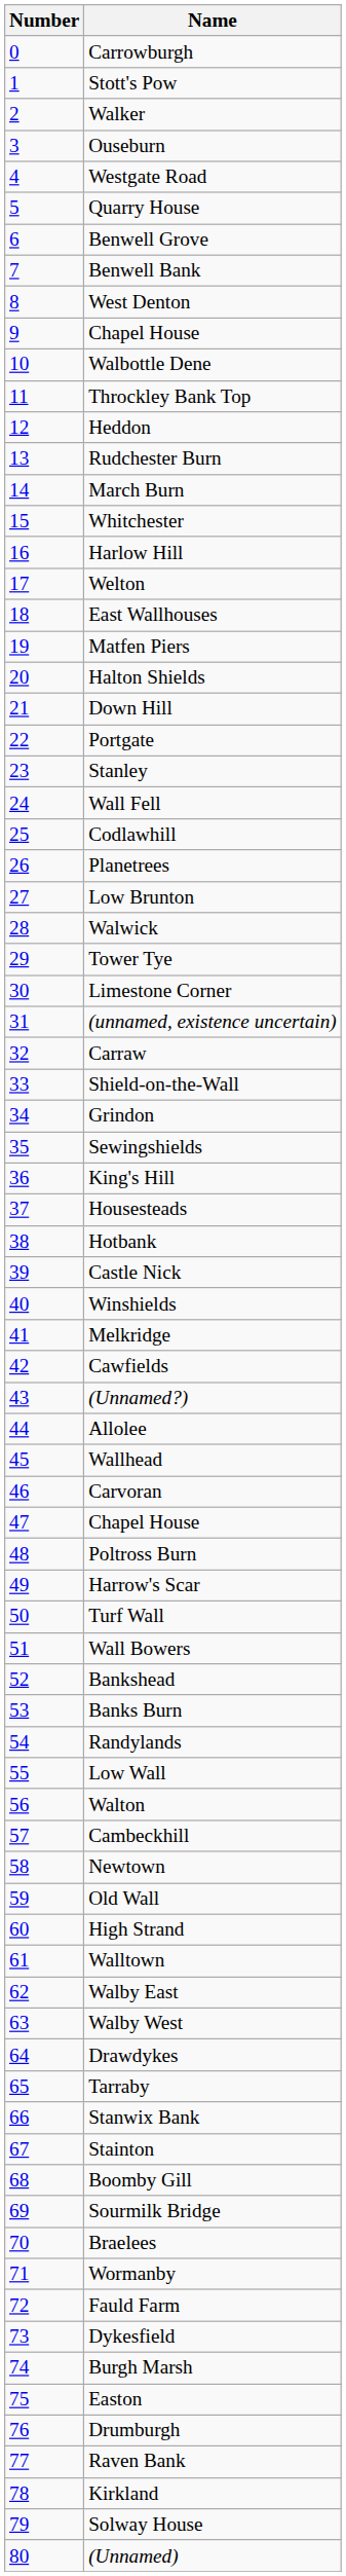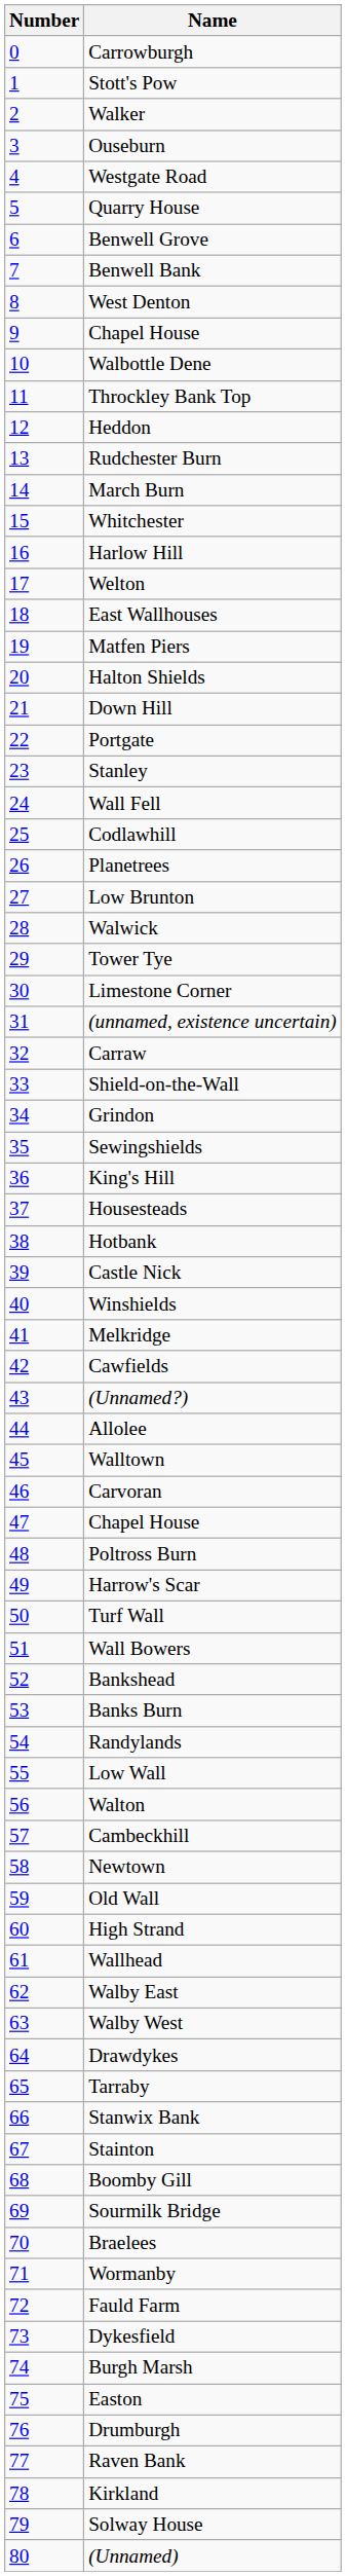 <table class="wikitable sortable">
 <tr>
 <th>Number</th>
 <th>Name</th>
 </tr>
 <tr>
 <td><a href='#'>0</a></td>
 <td>Carrowburgh</td>
 </tr>
 <tr>
 <td><a href='#'>1</a></td>
 <td>Stott's Pow</td>
 </tr>
 <tr>
 <td><a href='#'>2</a></td>
 <td>Walker</td>
 </tr>
 <tr>
 <td><a href='#'>3</a></td>
 <td>Ouseburn</td>
 </tr>
 <tr>
 <td><a href='#'>4</a></td>
 <td>Westgate Road</td>
 </tr>
 <tr>
 <td><a href='#'>5</a></td>
 <td>Quarry House</td>
 </tr>
 <tr>
 <td><a href='#'>6</a></td>
 <td>Benwell Grove</td>
 </tr>
 <tr>
 <td><a href='#'>7</a></td>
 <td>Benwell Bank</td>
 </tr>
 <tr>
 <td><a href='#'>8</a></td>
 <td>West Denton</td>
 </tr>
 <tr>
 <td><a href='#'>9</a></td>
 <td>Chapel House</td>
 </tr>
 <tr>
 <td><a href='#'>10</a></td>
 <td>Walbottle Dene</td>
 </tr>
 <tr>
 <td><a href='#'>11</a></td>
 <td>Throckley Bank Top</td>
 </tr>
 <tr>
 <td><a href='#'>12</a></td>
 <td>Heddon</td>
 </tr>
 <tr>
 <td><a href='#'>13</a></td>
 <td>Rudchester Burn</td>
 </tr>
 <tr>
 <td><a href='#'>14</a></td>
 <td>March Burn</td>
 </tr>
 <tr>
 <td><a href='#'>15</a></td>
 <td>Whitchester</td>
 </tr>
 <tr>
 <td><a href='#'>16</a></td>
 <td>Harlow Hill</td>
 </tr>
 <tr>
 <td><a href='#'>17</a></td>
 <td>Welton</td>
 </tr>
 <tr>
 <td><a href='#'>18</a></td>
 <td>East Wallhouses</td>
 </tr>
 <tr>
 <td><a href='#'>19</a></td>
 <td>Matfen Piers</td>
 </tr>
 <tr>
 <td><a href='#'>20</a></td>
 <td>Halton Shields</td>
 </tr>
 <tr>
 <td><a href='#'>21</a></td>
 <td>Down Hill</td>
 </tr>
 <tr>
 <td><a href='#'>22</a></td>
 <td>Portgate</td>
 </tr>
 <tr>
 <td><a href='#'>23</a></td>
 <td>Stanley</td>
 </tr>
 <tr>
 <td><a href='#'>24</a></td>
 <td>Wall Fell</td>
 </tr>
 <tr>
 <td><a href='#'>25</a></td>
 <td>Codlawhill</td>
 </tr>
 <tr>
 <td><a href='#'>26</a></td>
 <td>Planetrees</td>
 </tr>
 <tr>
 <td><a href='#'>27</a></td>
 <td>Low Brunton</td>
 </tr>
 <tr>
 <td><a href='#'>28</a></td>
 <td>Walwick</td>
 </tr>
 <tr>
 <td><a href='#'>29</a></td>
 <td>Tower Tye</td>
 </tr>
 <tr>
 <td><a href='#'>30</a></td>
 <td>Limestone Corner</td>
 </tr>
 <tr>
 <td><a href='#'>31</a></td>
 <td><em>(unnamed, existence uncertain)</em></td>
 </tr>
 <tr>
 <td><a href='#'>32</a></td>
 <td>Carraw</td>
 </tr>
 <tr>
 <td><a href='#'>33</a></td>
 <td>Shield-on-the-Wall</td>
 </tr>
 <tr>
 <td><a href='#'>34</a></td>
 <td>Grindon</td>
 </tr>
 <tr>
 <td><a href='#'>35</a></td>
 <td>Sewingshields</td>
 </tr>
 <tr>
 <td><a href='#'>36</a></td>
 <td>King's Hill</td>
 </tr>
 <tr>
 <td><a href='#'>37</a></td>
 <td>Housesteads</td>
 </tr>
 <tr>
 <td><a href='#'>38</a></td>
 <td>Hotbank</td>
 </tr>
 <tr>
 <td><a href='#'>39</a></td>
 <td>Castle Nick</td>
 </tr>
 <tr>
 <td><a href='#'>40</a></td>
 <td>Winshields</td>
 </tr>
 <tr>
 <td><a href='#'>41</a></td>
 <td>Melkridge</td>
 </tr>
 <tr>
 <td><a href='#'>42</a></td>
 <td>Cawfields</td>
 </tr>
 <tr>
 <td><a href='#'>43</a></td>
 <td><em>(Unnamed?)</em></td>
 </tr>
 <tr>
 <td><a href='#'>44</a></td>
 <td>Allolee</td>
 </tr>
 <tr>
 <td><a href='#'>45</a></td>
-<td>Wallhead</td>
+<td>Walltown</td>
 </tr>
 <tr>
 <td><a href='#'>46</a></td>
 <td>Carvoran</td>
 </tr>
 <tr>
 <td><a href='#'>47</a></td>
 <td>Chapel House</td>
 </tr>
 <tr>
 <td><a href='#'>48</a></td>
 <td>Poltross Burn</td>
 </tr>
 <tr>
 <td><a href='#'>49</a></td>
 <td>Harrow's Scar</td>
 </tr>
 <tr>
 <td><a href='#'>50</a></td>
 <td>Turf Wall</td>
 </tr>
 <tr>
 <td><a href='#'>51</a></td>
 <td>Wall Bowers</td>
 </tr>
 <tr>
 <td><a href='#'>52</a></td>
 <td>Bankshead</td>
 </tr>
 <tr>
 <td><a href='#'>53</a></td>
 <td>Banks Burn</td>
 </tr>
 <tr>
 <td><a href='#'>54</a></td>
 <td>Randylands</td>
 </tr>
 <tr>
 <td><a href='#'>55</a></td>
 <td>Low Wall</td>
 </tr>
 <tr>
 <td><a href='#'>56</a></td>
 <td>Walton</td>
 </tr>
 <tr>
 <td><a href='#'>57</a></td>
 <td>Cambeckhill</td>
 </tr>
 <tr>
 <td><a href='#'>58</a></td>
 <td>Newtown</td>
 </tr>
 <tr>
 <td><a href='#'>59</a></td>
 <td>Old Wall</td>
 </tr>
 <tr>
 <td><a href='#'>60</a></td>
 <td>High Strand</td>
 </tr>
 <tr>
 <td><a href='#'>61</a></td>
-<td>Walltown</td>
+<td>Wallhead</td>
 </tr>
 <tr>
 <td><a href='#'>62</a></td>
 <td>Walby East</td>
 </tr>
 <tr>
 <td><a href='#'>63</a></td>
 <td>Walby West</td>
 </tr>
 <tr>
 <td><a href='#'>64</a></td>
 <td>Drawdykes</td>
 </tr>
 <tr>
 <td><a href='#'>65</a></td>
 <td>Tarraby</td>
 </tr>
 <tr>
 <td><a href='#'>66</a></td>
 <td>Stanwix Bank</td>
 </tr>
 <tr>
 <td><a href='#'>67</a></td>
 <td>Stainton</td>
 </tr>
 <tr>
 <td><a href='#'>68</a></td>
 <td>Boomby Gill</td>
 </tr>
 <tr>
 <td><a href='#'>69</a></td>
 <td>Sourmilk Bridge</td>
 </tr>
 <tr>
 <td><a href='#'>70</a></td>
 <td>Braelees</td>
 </tr>
 <tr>
 <td><a href='#'>71</a></td>
 <td>Wormanby</td>
 </tr>
 <tr>
 <td><a href='#'>72</a></td>
 <td>Fauld Farm</td>
 </tr>
 <tr>
 <td><a href='#'>73</a></td>
 <td>Dykesfield</td>
 </tr>
 <tr>
 <td><a href='#'>74</a></td>
 <td>Burgh Marsh</td>
 </tr>
 <tr>
 <td><a href='#'>75</a></td>
 <td>Easton</td>
 </tr>
 <tr>
 <td><a href='#'>76</a></td>
 <td>Drumburgh</td>
 </tr>
 <tr>
 <td><a href='#'>77</a></td>
 <td>Raven Bank</td>
 </tr>
 <tr>
 <td><a href='#'>78</a></td>
 <td>Kirkland</td>
 </tr>
 <tr>
 <td><a href='#'>79</a></td>
 <td>Solway House</td>
 </tr>
 <tr>
 <td><a href='#'>80</a></td>
 <td><em>(Unnamed)</em></td>
 </tr>
 </table>
